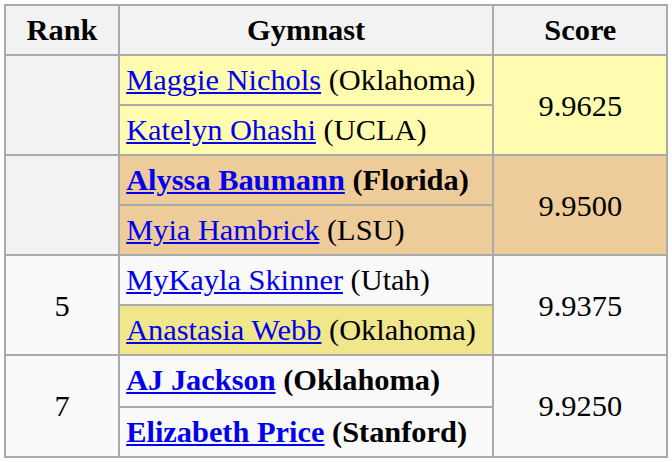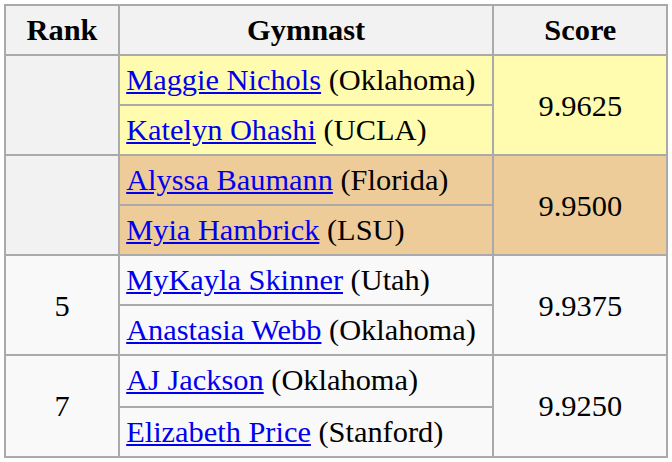 <table class="wikitable sortable" style="text-align:center; font-size:95%">
 <tr>
 <th scope="col" style="width:50px;">Rank</th>
 <th scope="col" style="width:180px;">Gymnast</th>
 <th scope="col" style="width:80px;">Score</th>
 </tr>
 <tr style="background:#fffcaf;">
 <th rowspan="2" scope="row" style="text-align:center"></th>
 <td style="text-align:left;"><a href='#'>Maggie Nichols</a> (Oklahoma)</td>
 <td rowspan="2">9.9625</td>
 </tr>
 <tr style="background:#fffcaf;">
 <td style="text-align:left;"><a href='#'>Katelyn Ohashi</a> (UCLA)</td>
 </tr>
 <tr>
 </tr>
 <tr style="background:#ec9;">
 <th rowspan="2" scope="row" style="text-align:center"></th>
-<td style="text-align:left;"><strong><a href='#'>Alyssa Baumann</a> (Florida)</strong></td>
+<td style="text-align:left;"><a href='#'>Alyssa Baumann</a> (Florida)</td>
 <td rowspan="2">9.9500</td>
 </tr>
 <tr style="background:#ec9;">
 <td style="text-align:left;"><a href='#'>Myia Hambrick</a> (LSU)</td>
 </tr>
 <tr>
 <td rowspan="2">5</td>
 <td style="text-align:left;"><a href='#'>MyKayla Skinner</a> (Utah)</td>
 <td rowspan="2">9.9375</td>
 </tr>
 <tr>
-<td style="background: khaki; text-align:left;"><a href='#'>Anastasia Webb</a> (Oklahoma)</td>
+<td style="text-align:left;"><a href='#'>Anastasia Webb</a> (Oklahoma)</td>
 </tr>
 <tr>
 <td rowspan="2">7</td>
-<td style="text-align:left;"><strong><a href='#'>AJ Jackson</a> (Oklahoma)</strong></td>
+<td style="text-align:left;"><a href='#'>AJ Jackson</a> (Oklahoma)</td>
 <td rowspan="2">9.9250</td>
 </tr>
 <tr>
-<td style="text-align:left;"><strong><a href='#'>Elizabeth Price</a> (Stanford)</strong></td>
+<td style="text-align:left;"><a href='#'>Elizabeth Price</a> (Stanford)</td>
 </tr>
 </table>
